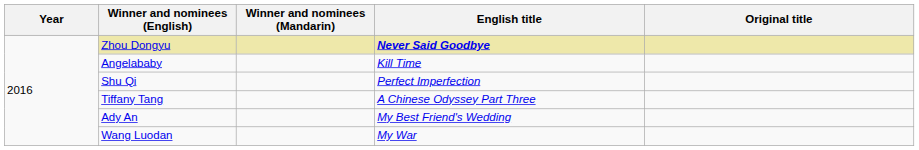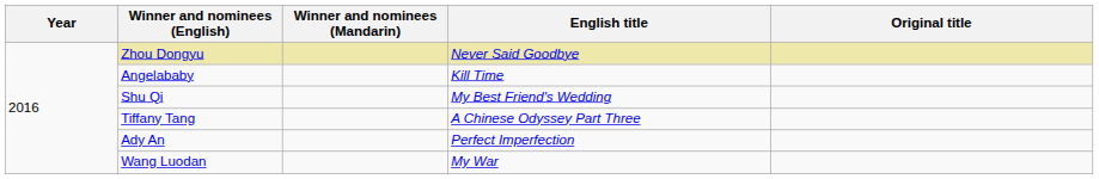 <table class="wikitable" style="width:100%;">
 <tr style="background:#bebebe">
 <th width="100"><strong>Year</strong></th>
 <th width="150"><strong>Winner and nominees<br>(English)</strong></th>
 <th width="150"><strong>Winner and nominees<br>(Mandarin)</strong></th>
 <th width="300"><strong>English title</strong></th>
 <th width="300"><strong>Original title</strong></th>
 </tr>
 <tr>
 <td rowspan="6">2016</td>
 <td style="background:#EEE8AA;"><a href='#'>Zhou Dongyu</a></td>
 <td style="background:#EEE8AA;"></td>
-<td style="background:#EEE8AA;"><strong><em><a href='#'>Never Said Goodbye</a></em></strong></td>
+<td style="background:#EEE8AA;"><em><a href='#'>Never Said Goodbye</a></em></td>
 <td style="background:#EEE8AA;"></td>
 </tr>
 <tr>
 <td><a href='#'>Angelababy</a></td>
 <td></td>
 <td><em><a href='#'>Kill Time</a></em></td>
 <td></td>
 </tr>
 <tr>
 <td><a href='#'>Shu Qi</a></td>
 <td></td>
-<td><em><a href='#'>Perfect Imperfection</a></em></td>
+<td><em><a href='#'>My Best Friend's Wedding</a></em></td>
 <td></td>
 </tr>
 <tr>
 <td><a href='#'>Tiffany Tang</a></td>
 <td></td>
 <td><em><a href='#'>A Chinese Odyssey Part Three</a></em></td>
 <td></td>
 </tr>
 <tr>
 <td><a href='#'>Ady An</a></td>
 <td></td>
-<td><em><a href='#'>My Best Friend's Wedding</a></em></td>
+<td><em><a href='#'>Perfect Imperfection</a></em></td>
 <td></td>
 </tr>
 <tr>
 <td><a href='#'>Wang Luodan</a></td>
 <td></td>
 <td><em><a href='#'>My War</a></em></td>
 <td></td>
 </tr>
 </table>
